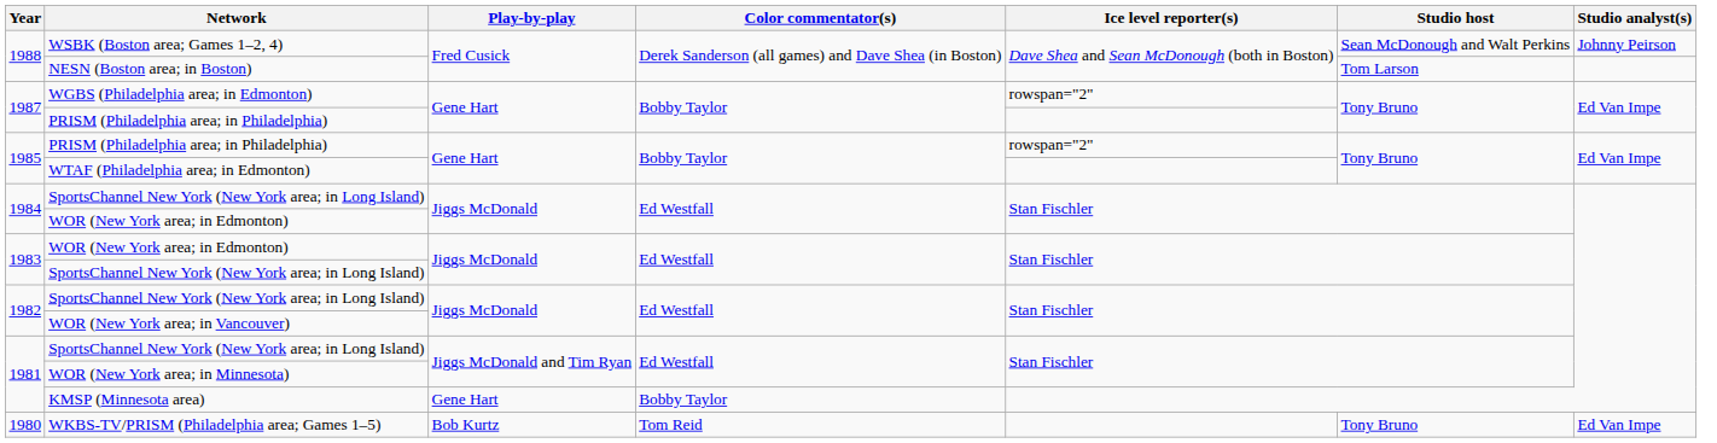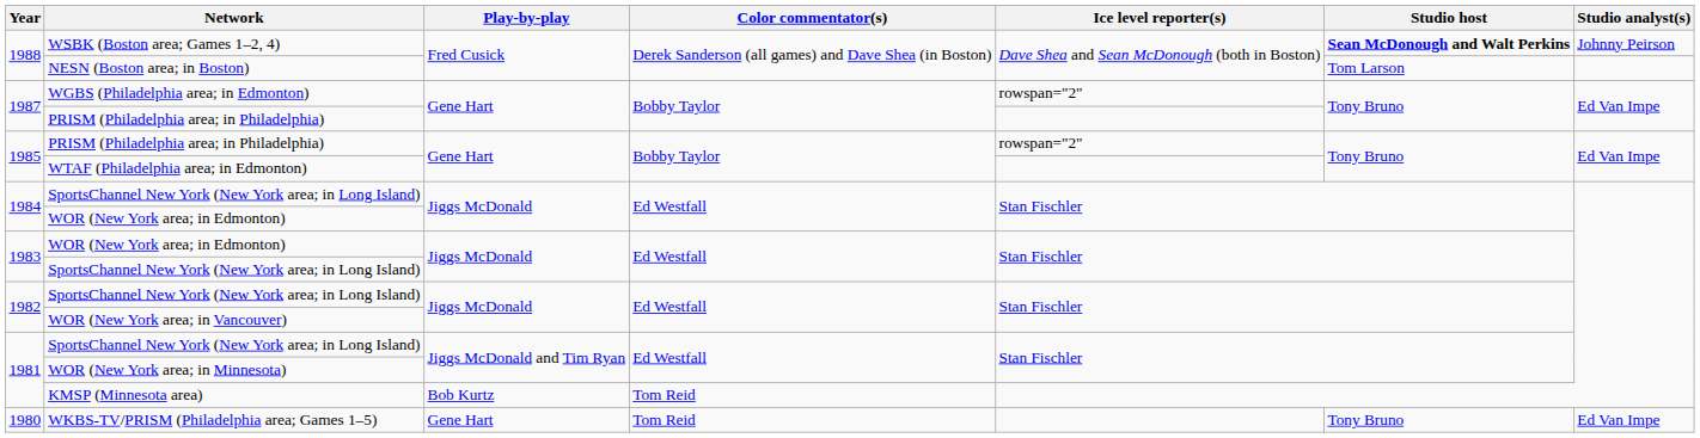 <table class="wikitable">
 <tr>
 <th>Year</th>
 <th>Network</th>
 <th><a href='#'>Play-by-play</a></th>
 <th><a href='#'>Color commentator</a>(s)</th>
 <th>Ice level reporter(s)</th>
 <th>Studio host</th>
 <th>Studio analyst(s)</th>
 </tr>
 <tr>
 <td rowspan="2"><a href='#'>1988</a></td>
 <td><a href='#'>WSBK</a> (<a href='#'>Boston</a> area; Games 1–2, 4)</td>
 <td rowspan="2"><a href='#'>Fred Cusick</a></td>
 <td rowspan="2"><a href='#'>Derek Sanderson</a> (all games) and <a href='#'>Dave Shea</a> (in Boston)</td>
 <td rowspan="2"><em><a href='#'>Dave Shea</a></em> and <em><a href='#'>Sean McDonough</a></em> (both in Boston)</td>
-<td><a href='#'>Sean McDonough</a> and Walt Perkins</td>
+<td><strong><a href='#'>Sean McDonough</a> and Walt Perkins</strong></td>
 <td><a href='#'>Johnny Peirson</a></td>
 </tr>
 <tr>
 <td><a href='#'>NESN</a> (<a href='#'>Boston</a> area; in <a href='#'>Boston</a>)</td>
 <td><a href='#'>Tom Larson</a></td>
 </tr>
 <tr>
 <td rowspan="2"><a href='#'>1987</a></td>
 <td><a href='#'>WGBS</a> (<a href='#'>Philadelphia</a> area; in <a href='#'>Edmonton</a>)</td>
 <td rowspan="2"><a href='#'>Gene Hart</a></td>
 <td rowspan="2"><a href='#'>Bobby Taylor</a></td>
 <td>rowspan="2" </td>
 <td rowspan="2"><a href='#'>Tony Bruno</a></td>
 <td rowspan="2"><a href='#'>Ed Van Impe</a></td>
 </tr>
 <tr>
 <td><a href='#'>PRISM</a> (<a href='#'>Philadelphia</a> area; in <a href='#'>Philadelphia</a>)</td>
 </tr>
 <tr>
 <td rowspan="2"><a href='#'>1985</a></td>
 <td><a href='#'>PRISM</a> (<a href='#'>Philadelphia</a> area; in Philadelphia)</td>
 <td rowspan="2"><a href='#'>Gene Hart</a></td>
 <td rowspan="2"><a href='#'>Bobby Taylor</a></td>
 <td>rowspan="2" </td>
 <td rowspan="2"><a href='#'>Tony Bruno</a></td>
 <td rowspan="2"><a href='#'>Ed Van Impe</a></td>
 </tr>
 <tr>
 <td><a href='#'>WTAF</a> (<a href='#'>Philadelphia</a> area; in Edmonton)</td>
 </tr>
 <tr>
 <td rowspan="2"><a href='#'>1984</a></td>
 <td><a href='#'>SportsChannel New York</a> (<a href='#'>New York</a> area; in <a href='#'>Long Island</a>)</td>
 <td rowspan="2"><a href='#'>Jiggs McDonald</a></td>
 <td rowspan="2"><a href='#'>Ed Westfall</a></td>
 <td colspan="2" rowspan="2"><a href='#'>Stan Fischler</a></td>
 </tr>
 <tr>
 <td><a href='#'>WOR</a> (<a href='#'>New York</a> area; in Edmonton)</td>
 </tr>
 <tr>
 <td rowspan="2"><a href='#'>1983</a></td>
 <td><a href='#'>WOR</a> (<a href='#'>New York</a> area; in Edmonton)</td>
 <td rowspan="2"><a href='#'>Jiggs McDonald</a></td>
 <td rowspan="2"><a href='#'>Ed Westfall</a></td>
 <td colspan="2" rowspan="2"><a href='#'>Stan Fischler</a></td>
 </tr>
 <tr>
 <td><a href='#'>SportsChannel New York</a> (<a href='#'>New York</a> area; in Long Island)</td>
 </tr>
 <tr>
 <td rowspan="2"><a href='#'>1982</a></td>
 <td><a href='#'>SportsChannel New York</a> (<a href='#'>New York</a> area; in Long Island)</td>
 <td rowspan="2"><a href='#'>Jiggs McDonald</a></td>
 <td rowspan="2"><a href='#'>Ed Westfall</a></td>
 <td colspan="2" rowspan="2"><a href='#'>Stan Fischler</a></td>
 </tr>
 <tr>
 <td><a href='#'>WOR</a> (<a href='#'>New York</a> area; in <a href='#'>Vancouver</a>)</td>
 </tr>
 <tr>
 <td rowspan="3"><a href='#'>1981</a></td>
 <td><a href='#'>SportsChannel New York</a> (<a href='#'>New York</a> area; in Long Island)</td>
 <td rowspan="2"><a href='#'>Jiggs McDonald</a> and <a href='#'>Tim Ryan</a></td>
 <td rowspan="2"><a href='#'>Ed Westfall</a></td>
 <td colspan="2" rowspan="2"><a href='#'>Stan Fischler</a></td>
 </tr>
 <tr>
 <td><a href='#'>WOR</a> (<a href='#'>New York</a> area; in <a href='#'>Minnesota</a>)</td>
 </tr>
 <tr>
 <td><a href='#'>KMSP</a> (<a href='#'>Minnesota</a> area)</td>
-<td><a href='#'>Gene Hart</a></td>
-<td><a href='#'>Bobby Taylor</a></td>
+<td><a href='#'>Bob Kurtz</a></td>
+<td><a href='#'>Tom Reid</a></td>
 </tr>
 <tr>
 <td><a href='#'>1980</a></td>
 <td><a href='#'>WKBS-TV</a>/<a href='#'>PRISM</a> (<a href='#'>Philadelphia</a> area; Games 1–5)</td>
-<td><a href='#'>Bob Kurtz</a></td>
+<td><a href='#'>Gene Hart</a></td>
 <td><a href='#'>Tom Reid</a></td>
 <td></td>
 <td><a href='#'>Tony Bruno</a></td>
 <td><a href='#'>Ed Van Impe</a></td>
 </tr>
 </table>
